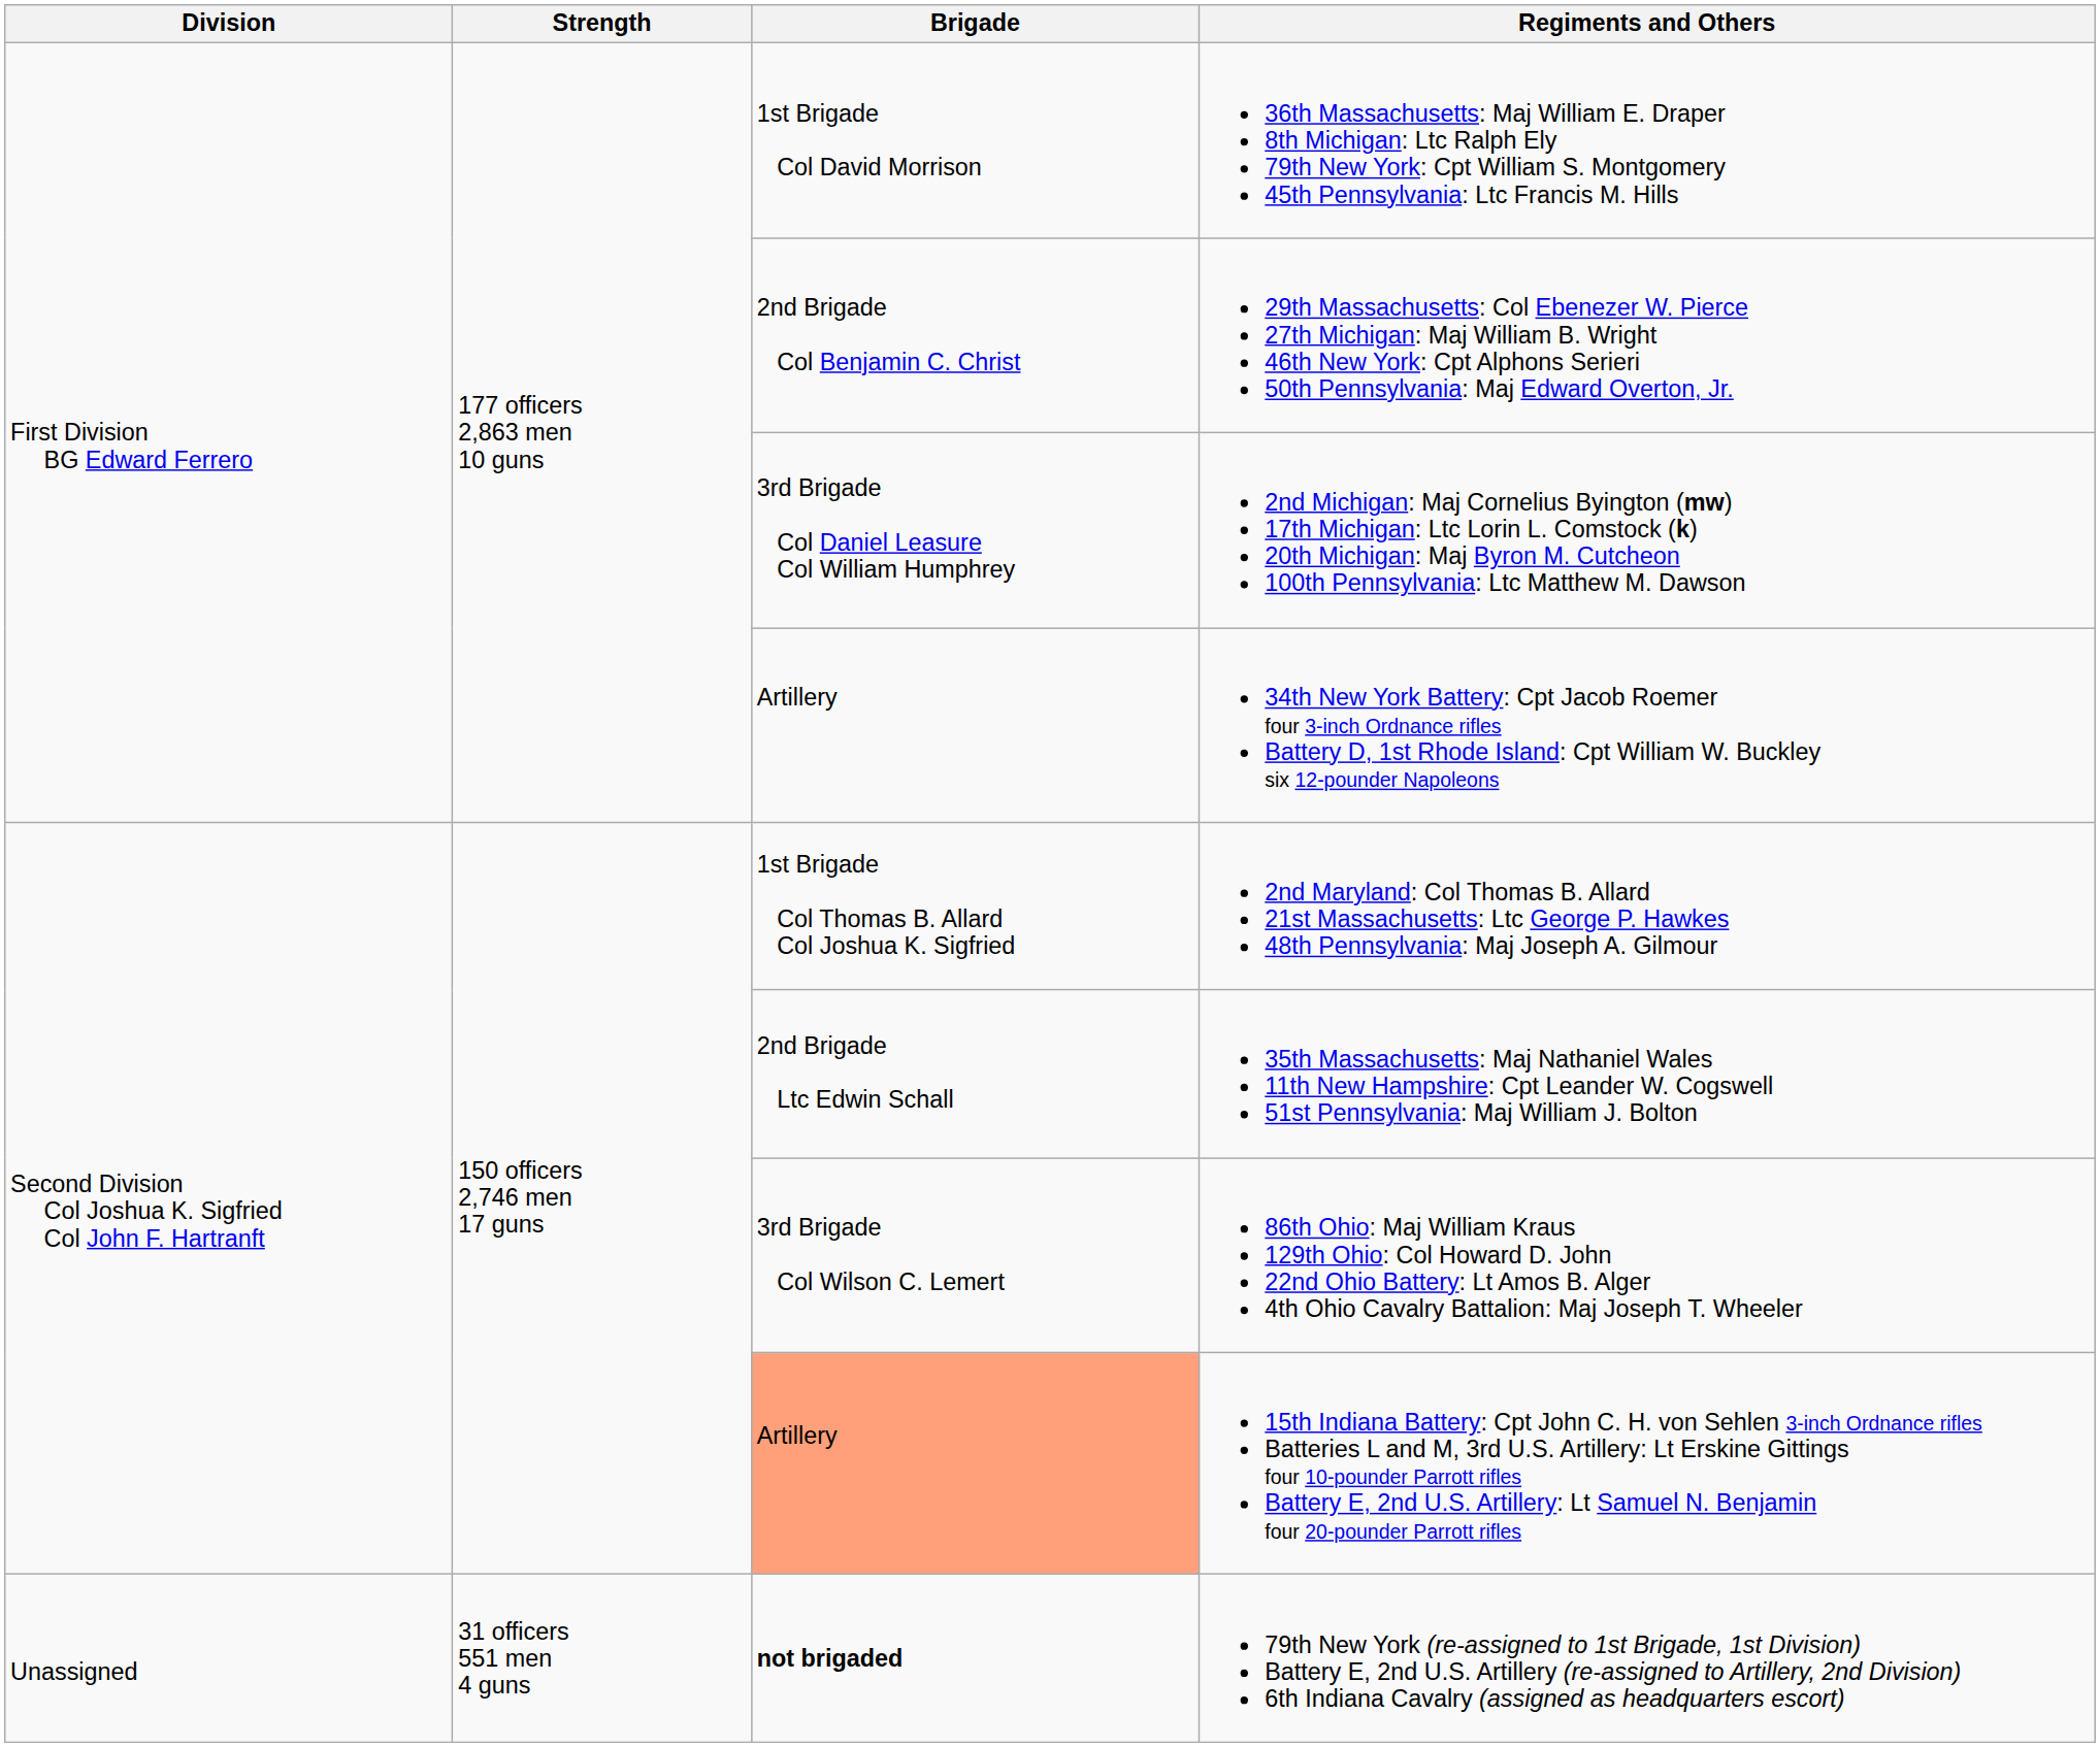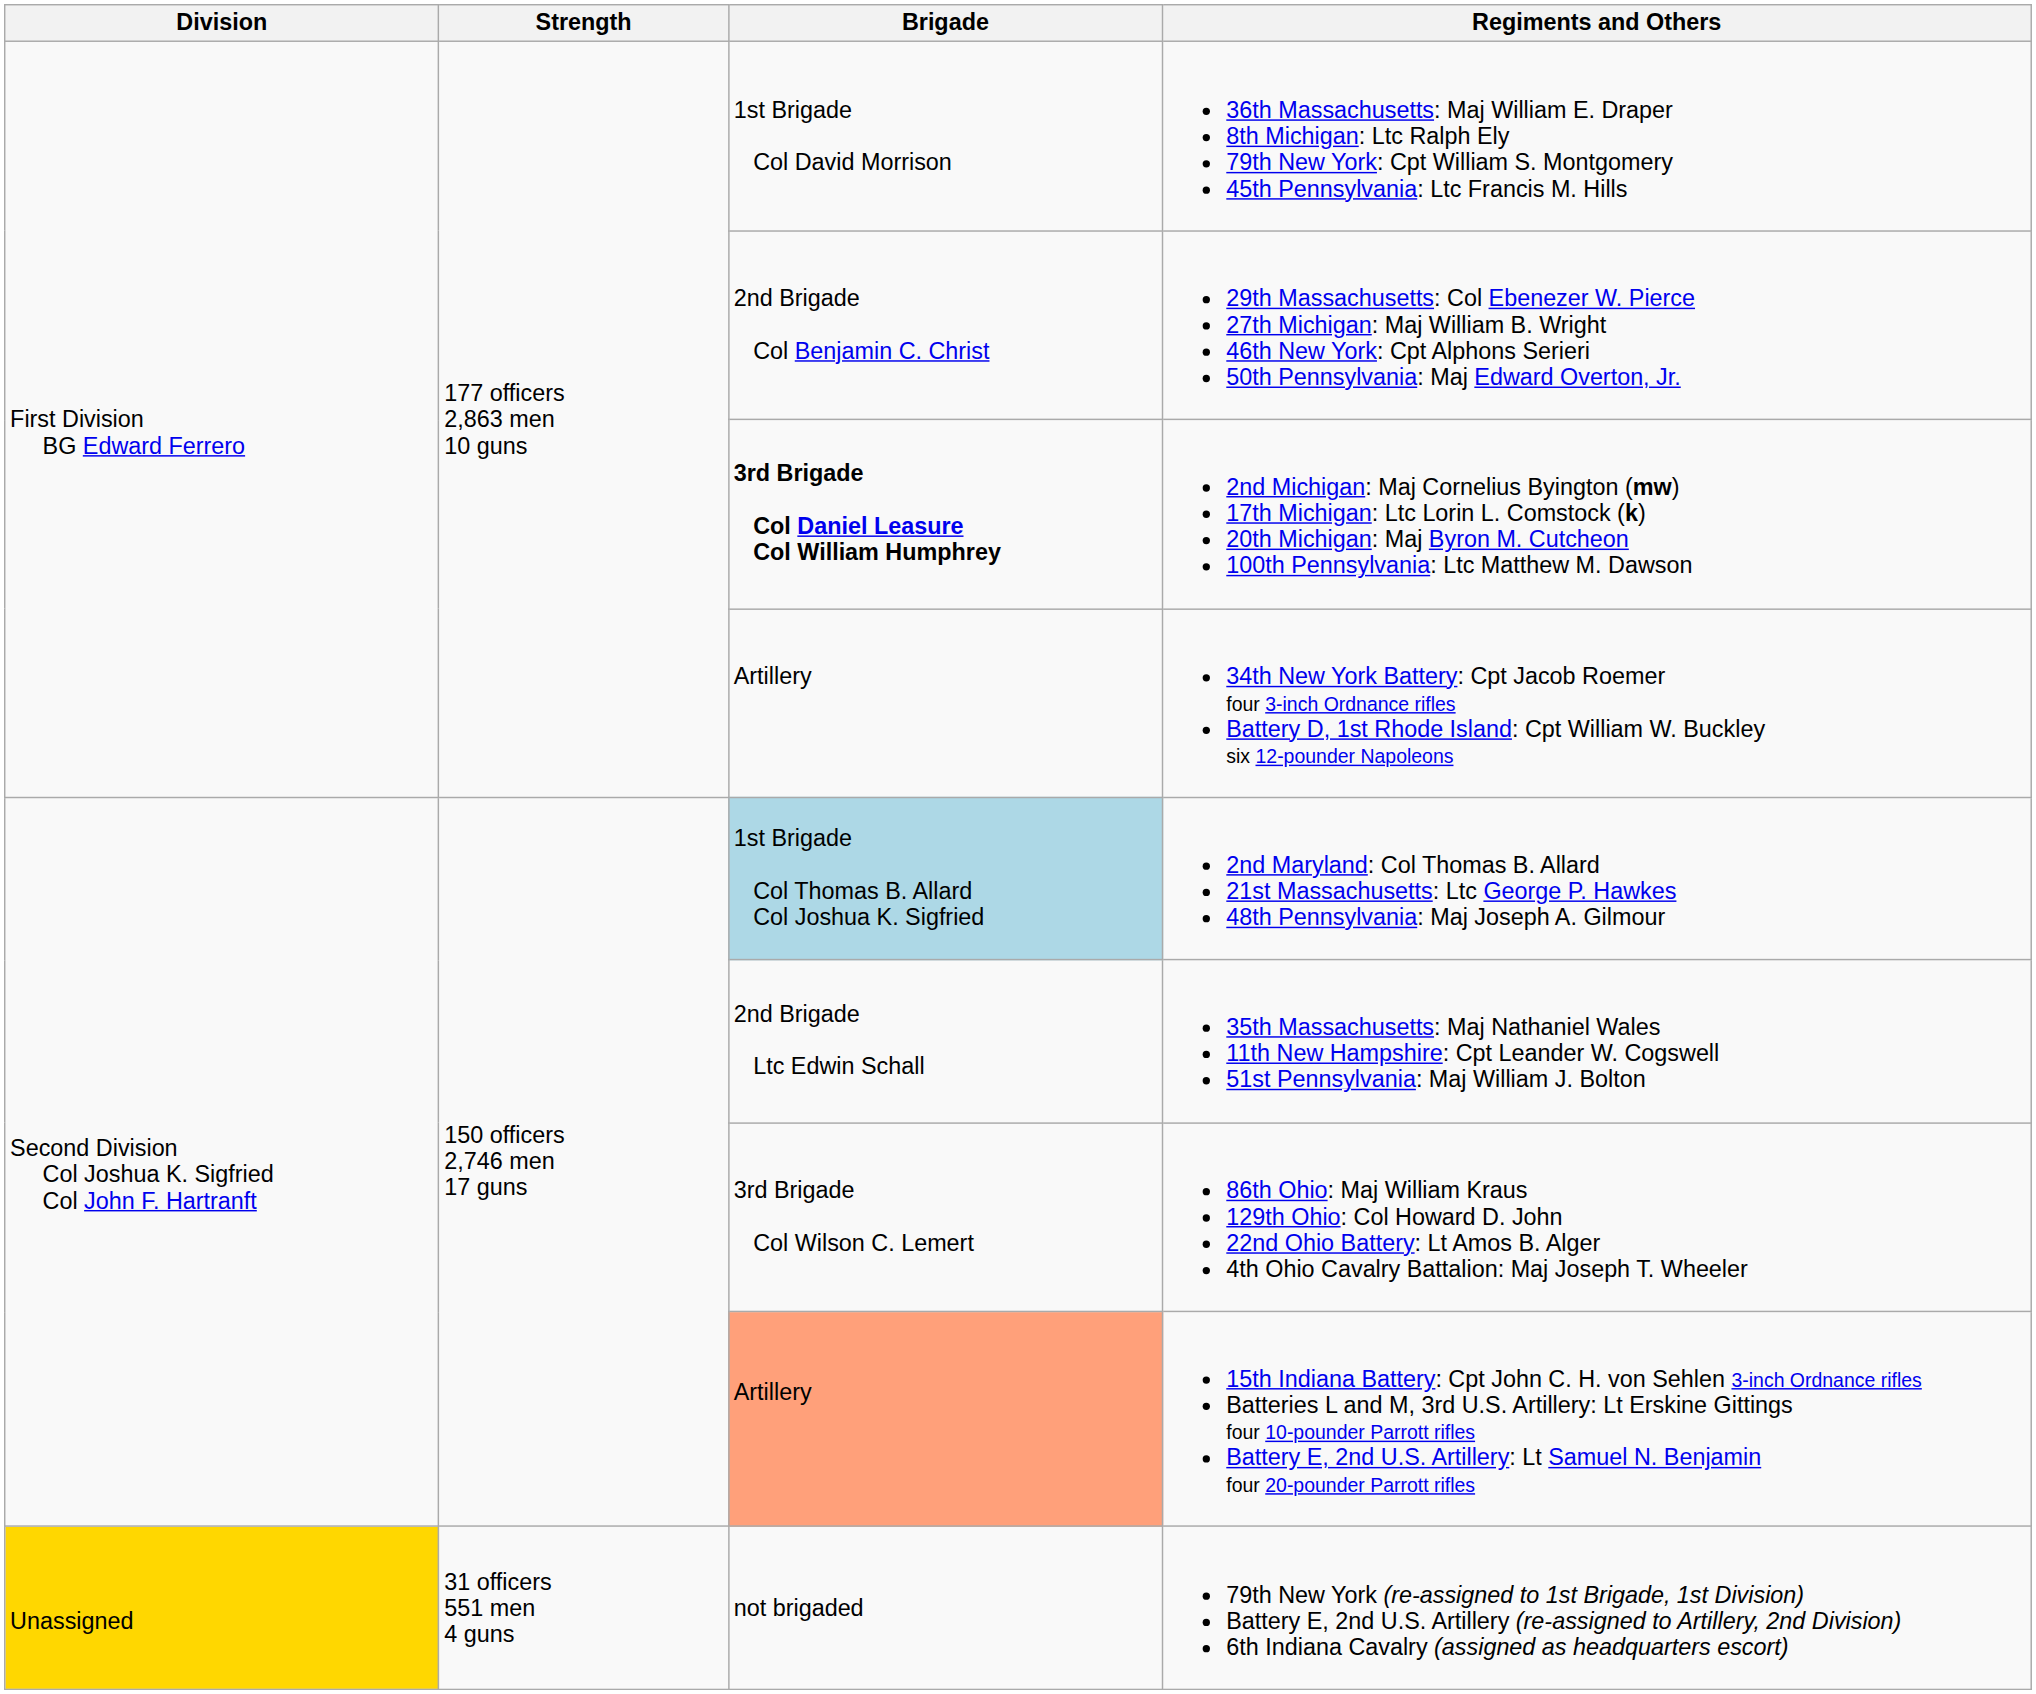 <table class="wikitable" style="text-align:left; width:70%;">
 <tr>
 <th width=15%>Division</th>
 <th width=10%>Strength</th>
 <th width=15%>Brigade</th>
 <th width=30%>Regiments and Others</th>
 </tr>
 <tr>
 <td rowspan=4><br>First Division <br>     BG <a href='#'>Edward Ferrero</a></td>
 <td rowspan=4>177 officers<br>2,863 men<br>10 guns</td>
 <td>1st Brigade<br><br>   Col David Morrison</td>
 <td><br><ul><li><a href='#'>36th Massachusetts</a>: Maj William E. Draper</li><li><a href='#'>8th Michigan</a>: Ltc Ralph Ely</li><li><a href='#'>79th New York</a>: Cpt William S. Montgomery</li><li><a href='#'>45th Pennsylvania</a>: Ltc Francis M. Hills</li></ul></td>
 </tr>
 <tr>
 <td>2nd Brigade<br><br>   Col <a href='#'>Benjamin C. Christ</a></td>
 <td><br><ul><li><a href='#'>29th Massachusetts</a>: Col <a href='#'>Ebenezer W. Pierce</a></li><li><a href='#'>27th Michigan</a>: Maj William B. Wright</li><li><a href='#'>46th New York</a>: Cpt Alphons Serieri</li><li><a href='#'>50th Pennsylvania</a>: Maj <a href='#'>Edward Overton, Jr.</a></li></ul></td>
 </tr>
 <tr>
-<td>3rd Brigade<br><br>   Col <a href='#'>Daniel Leasure</a><br>   Col William Humphrey</td>
+<td><strong>3rd Brigade<br><br>   Col <a href='#'>Daniel Leasure</a><br>   Col William Humphrey</strong></td>
 <td><br><ul><li><a href='#'>2nd Michigan</a>: Maj Cornelius Byington (<strong>mw</strong>)</li><li><a href='#'>17th Michigan</a>: Ltc Lorin L. Comstock (<strong>k</strong>)</li><li><a href='#'>20th Michigan</a>: Maj <a href='#'>Byron M. Cutcheon</a></li><li><a href='#'>100th Pennsylvania</a>: Ltc Matthew M. Dawson</li></ul></td>
 </tr>
 <tr>
 <td>Artillery<br><br>  </td>
 <td><br><ul><li><a href='#'>34th New York Battery</a>: Cpt Jacob Roemer <br><small>four <a href='#'>3-inch Ordnance rifles</a></small></li><li><a href='#'>Battery D, 1st Rhode Island</a>: Cpt William W. Buckley <br><small>six <a href='#'>12-pounder Napoleons</a></small></li></ul></td>
 </tr>
 <tr>
 <td rowspan=4><br>Second Division <br>     Col Joshua K. Sigfried <br>     Col <a href='#'>John F. Hartranft</a></td>
 <td rowspan=4>150 officers<br>2,746 men<br>17 guns</td>
-<td>1st Brigade<br><br>   Col Thomas B. Allard<br>   Col Joshua K. Sigfried</td>
+<td style="background: lightblue;">1st Brigade<br><br>   Col Thomas B. Allard<br>   Col Joshua K. Sigfried</td>
 <td><br><ul><li><a href='#'>2nd Maryland</a>: Col Thomas B. Allard</li><li><a href='#'>21st Massachusetts</a>: Ltc <a href='#'>George P. Hawkes</a></li><li><a href='#'>48th Pennsylvania</a>: Maj Joseph A. Gilmour</li></ul></td>
 </tr>
 <tr>
 <td>2nd Brigade<br><br>   Ltc Edwin Schall</td>
 <td><br><ul><li><a href='#'>35th Massachusetts</a>: Maj Nathaniel Wales</li><li><a href='#'>11th New Hampshire</a>: Cpt Leander W. Cogswell</li><li><a href='#'>51st Pennsylvania</a>: Maj William J. Bolton</li></ul></td>
 </tr>
 <tr>
 <td>3rd Brigade<br><br>   Col Wilson C. Lemert</td>
 <td><br><ul><li><a href='#'>86th Ohio</a>: Maj William Kraus</li><li><a href='#'>129th Ohio</a>: Col Howard D. John</li><li><a href='#'>22nd Ohio Battery</a>: Lt Amos B. Alger</li><li>4th Ohio Cavalry Battalion: Maj Joseph T. Wheeler</li></ul></td>
 </tr>
 <tr>
 <td style="background: lightsalmon;">Artillery<br><br>  </td>
 <td><br><ul><li><a href='#'>15th Indiana Battery</a>: Cpt John C. H. von Sehlen <small><a href='#'>3-inch Ordnance rifles</a></small></li><li>Batteries L and M, 3rd U.S. Artillery: Lt Erskine Gittings<br><small>four <a href='#'>10-pounder Parrott rifles</a></small></li><li><a href='#'>Battery E, 2nd U.S. Artillery</a>: Lt <a href='#'>Samuel N. Benjamin</a><br><small>four <a href='#'>20-pounder Parrott rifles</a></small></li></ul></td>
 </tr>
 <tr>
-<td rowspan=1><br>Unassigned</td>
+<td rowspan=1 style="background: gold;"><br>Unassigned</td>
 <td rowspan=1>31 officers<br>551 men<br>4 guns</td>
-<td><strong>not brigaded</strong></td>
+<td>not brigaded</td>
 <td><br><ul><li>79th New York <em>(re-assigned to 1st Brigade, 1st Division)</em></li><li>Battery E, 2nd U.S. Artillery <em>(re-assigned to Artillery, 2nd Division)</em></li><li>6th Indiana Cavalry <em>(assigned as headquarters escort)</em></li></ul></td>
 </tr>
 <tr>
 </tr>
 </table>
